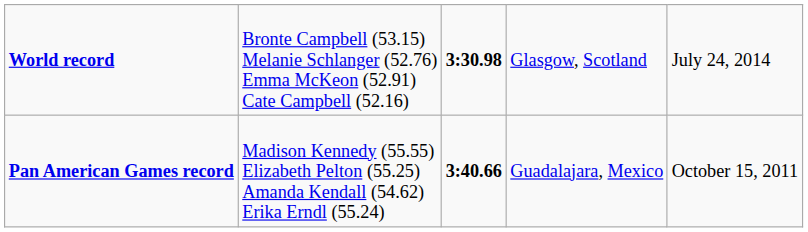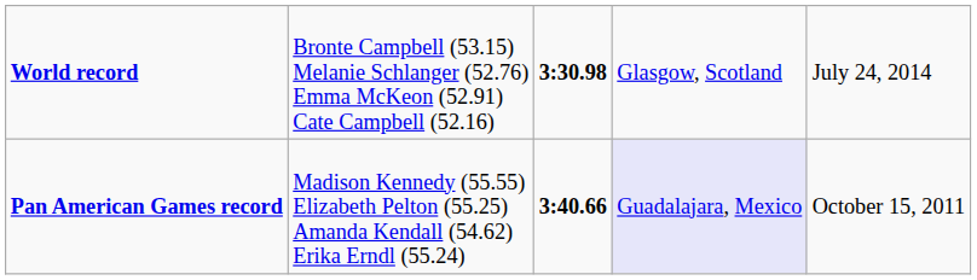 <table class="wikitable">
 <tr>
 <td><strong><a href='#'>World record</a></strong></td>
 <td><br><a href='#'>Bronte Campbell</a> (53.15)<br><a href='#'>Melanie Schlanger</a> (52.76)<br><a href='#'>Emma McKeon</a> (52.91)<br><a href='#'>Cate Campbell</a> (52.16)</td>
 <td><strong>3:30.98</strong></td>
 <td><a href='#'>Glasgow</a>, <a href='#'>Scotland</a></td>
 <td>July 24, 2014</td>
 </tr>
 <tr>
 <td><strong><a href='#'>Pan American Games record</a></strong></td>
 <td><br><a href='#'>Madison Kennedy</a> (55.55)<br><a href='#'>Elizabeth Pelton</a> (55.25)<br><a href='#'>Amanda Kendall</a> (54.62)<br><a href='#'>Erika Erndl</a> (55.24)</td>
 <td><strong>3:40.66</strong></td>
-<td><a href='#'>Guadalajara</a>, <a href='#'>Mexico</a></td>
+<td style="background: lavender;"><a href='#'>Guadalajara</a>, <a href='#'>Mexico</a></td>
 <td>October 15, 2011</td>
 </tr>
 </table>
